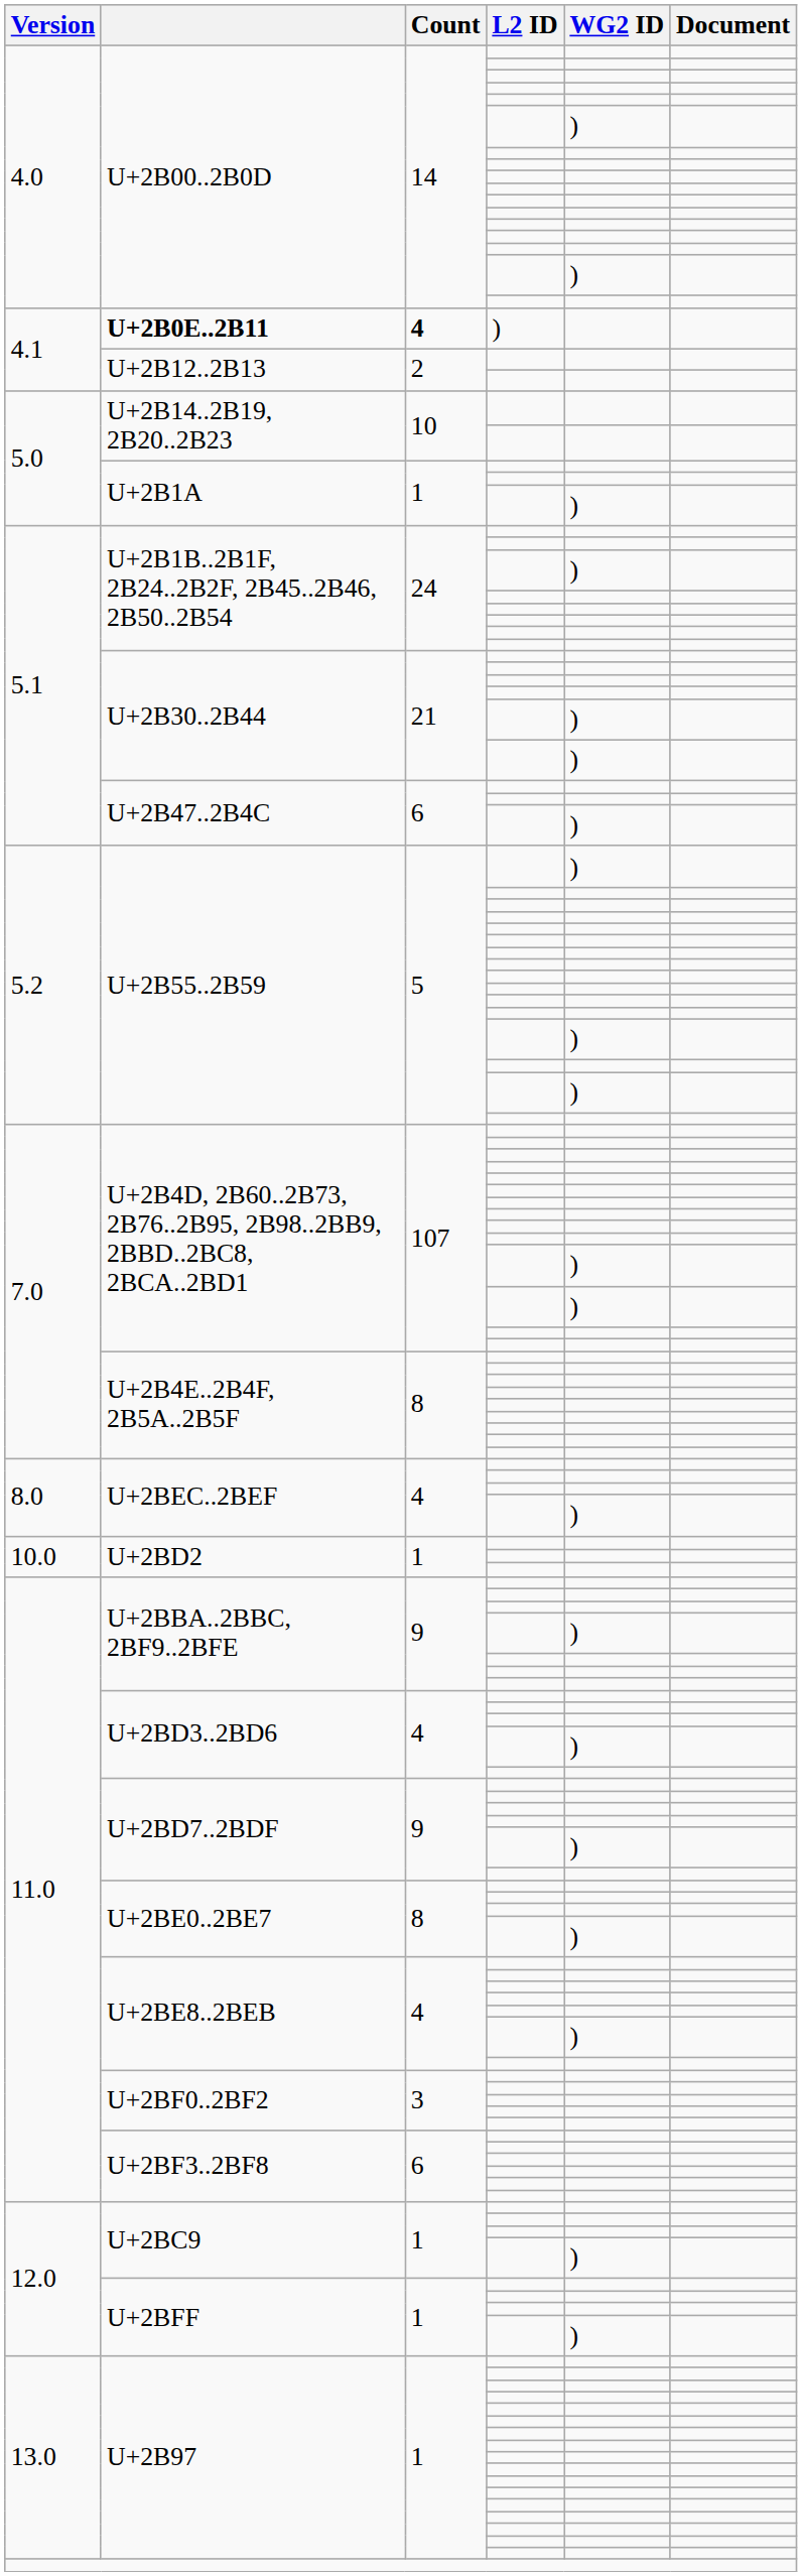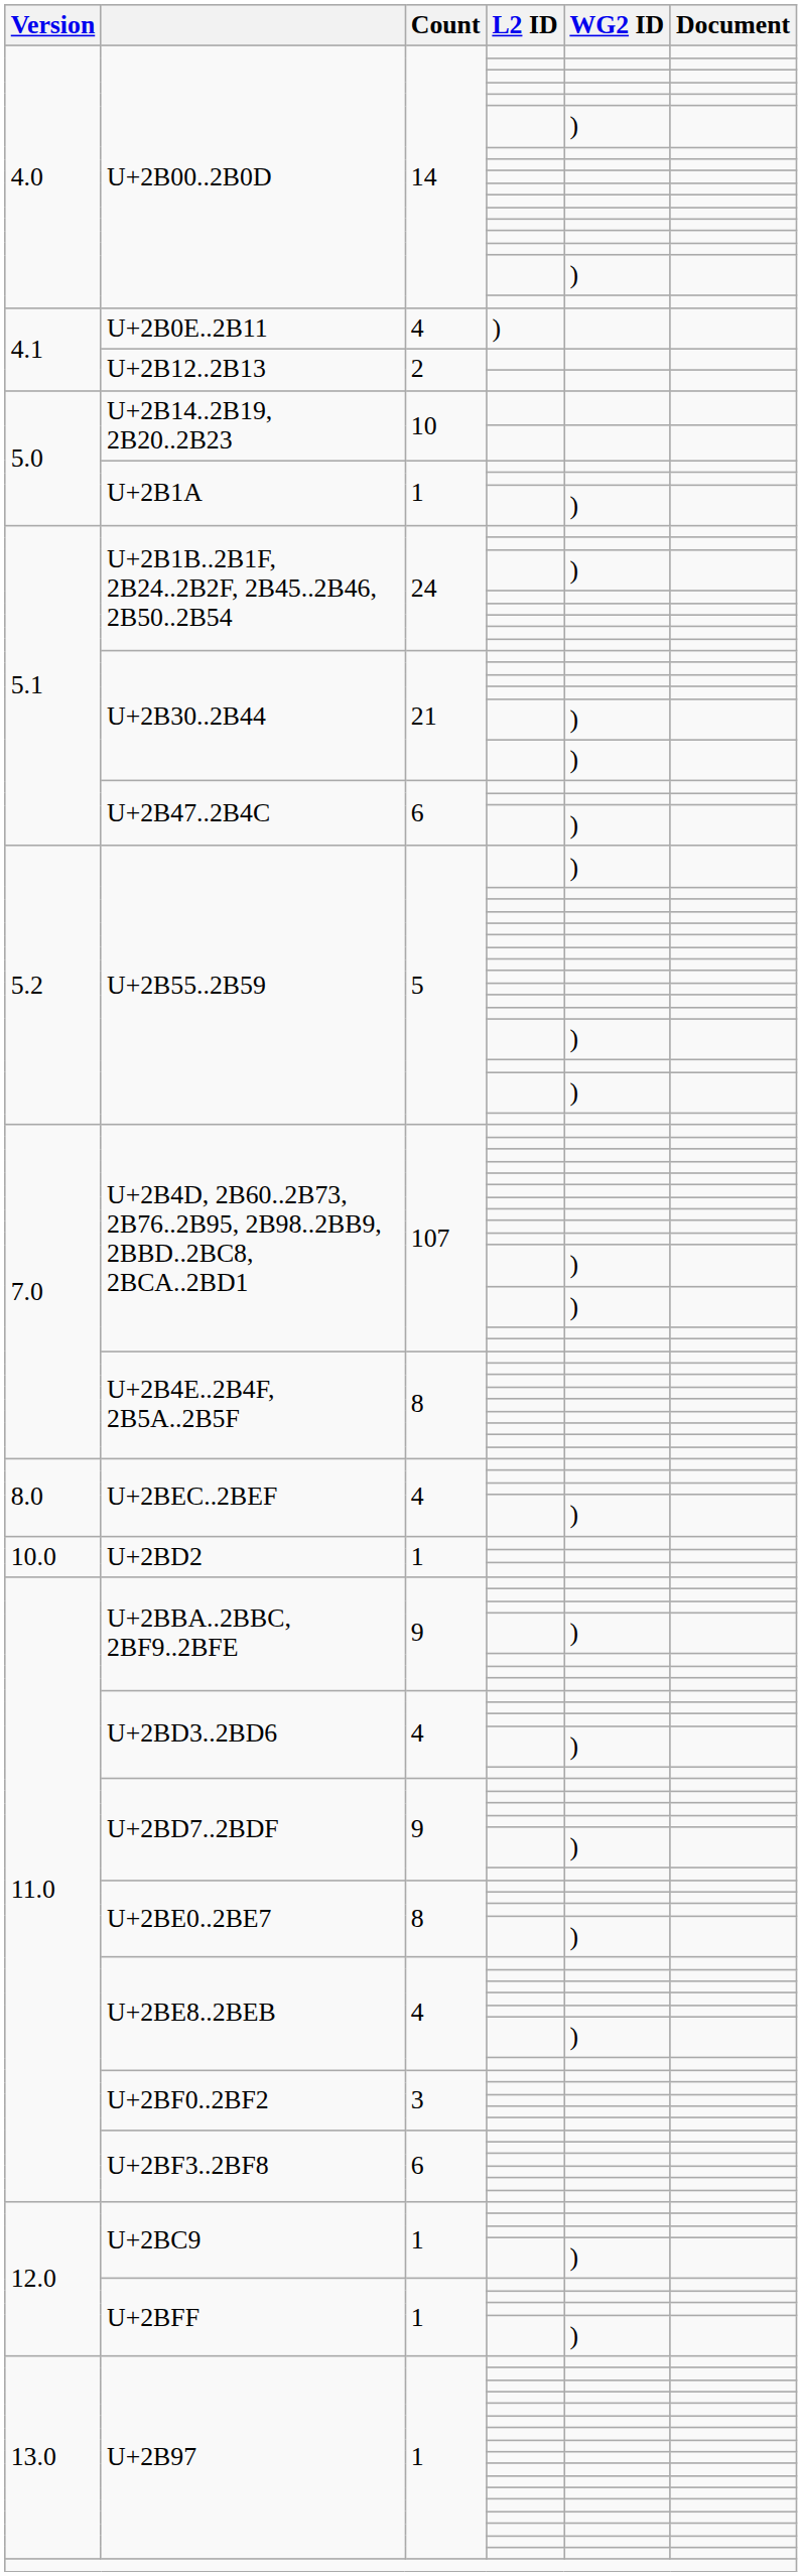 <table class="wikitable collapsible collapsed sticky-header">
 <tr>
 <th><a href='#'>Version</a></th>
 <th></th>
 <th>Count</th>
 <th><a href='#'>L2</a> ID</th>
 <th><a href='#'>WG2</a> ID</th>
 <th>Document</th>
 </tr>
 <tr>
 <td rowspan="17">4.0</td>
 <td rowspan="17" width="180">U+2B00..2B0D</td>
 <td rowspan="17">14</td>
 <td></td>
 <td></td>
 <td></td>
 </tr>
 <tr>
 <td></td>
 <td></td>
 <td></td>
 </tr>
 <tr>
 <td></td>
 <td></td>
 <td></td>
 </tr>
 <tr>
 <td></td>
 <td></td>
 <td></td>
 </tr>
 <tr>
 <td></td>
 <td></td>
 <td></td>
 </tr>
 <tr>
 <td></td>
 <td> )</td>
 <td></td>
 </tr>
 <tr>
 <td></td>
 <td></td>
 <td></td>
 </tr>
 <tr>
 <td></td>
 <td></td>
 <td></td>
 </tr>
 <tr>
 <td></td>
 <td></td>
 <td></td>
 </tr>
 <tr>
 <td></td>
 <td></td>
 <td></td>
 </tr>
 <tr>
 <td></td>
 <td></td>
 <td></td>
 </tr>
 <tr>
 <td></td>
 <td></td>
 <td></td>
 </tr>
 <tr>
 <td></td>
 <td></td>
 <td></td>
 </tr>
 <tr>
 <td></td>
 <td></td>
 <td></td>
 </tr>
 <tr>
 <td></td>
 <td></td>
 <td></td>
 </tr>
 <tr>
 <td></td>
 <td> )</td>
 <td></td>
 </tr>
 <tr>
 <td></td>
 <td></td>
 <td></td>
 </tr>
 <tr>
 <td rowspan="3">4.1</td>
-<td><strong>U+2B0E..2B11</strong></td>
-<td><strong>4</strong></td>
+<td>U+2B0E..2B11</td>
+<td>4</td>
 <td> )</td>
 <td></td>
 <td></td>
 </tr>
 <tr>
 <td rowspan="2">U+2B12..2B13</td>
 <td rowspan="2">2</td>
 <td></td>
 <td></td>
 <td></td>
 </tr>
 <tr>
 <td></td>
 <td></td>
 <td></td>
 </tr>
 <tr>
 <td rowspan="5">5.0</td>
 <td rowspan="2">U+2B14..2B19, 2B20..2B23</td>
 <td rowspan="2">10</td>
 <td></td>
 <td></td>
 <td></td>
 </tr>
 <tr>
 <td></td>
 <td></td>
 <td></td>
 </tr>
 <tr>
 <td rowspan="3">U+2B1A</td>
 <td rowspan="3">1</td>
 <td></td>
 <td></td>
 <td></td>
 </tr>
 <tr>
 <td></td>
 <td></td>
 <td></td>
 </tr>
 <tr>
 <td></td>
 <td> )</td>
 <td></td>
 </tr>
 <tr>
 <td rowspan="17">5.1</td>
 <td rowspan="8">U+2B1B..2B1F, 2B24..2B2F, 2B45..2B46, 2B50..2B54</td>
 <td rowspan="8">24</td>
 <td></td>
 <td></td>
 <td></td>
 </tr>
 <tr>
 <td></td>
 <td></td>
 <td></td>
 </tr>
 <tr>
 <td></td>
 <td> )</td>
 <td></td>
 </tr>
 <tr>
 <td></td>
 <td></td>
 <td></td>
 </tr>
 <tr>
 <td></td>
 <td></td>
 <td></td>
 </tr>
 <tr>
 <td></td>
 <td></td>
 <td></td>
 </tr>
 <tr>
 <td></td>
 <td></td>
 <td></td>
 </tr>
 <tr>
 <td></td>
 <td></td>
 <td></td>
 </tr>
 <tr>
 <td rowspan="6">U+2B30..2B44</td>
 <td rowspan="6">21</td>
 <td></td>
 <td></td>
 <td></td>
 </tr>
 <tr>
 <td></td>
 <td></td>
 <td></td>
 </tr>
 <tr>
 <td></td>
 <td> </td>
 <td></td>
 </tr>
 <tr>
 <td></td>
 <td></td>
 <td></td>
 </tr>
 <tr>
 <td></td>
 <td> )</td>
 <td></td>
 </tr>
 <tr>
 <td></td>
 <td> )</td>
 <td></td>
 </tr>
 <tr>
 <td rowspan="3">U+2B47..2B4C</td>
 <td rowspan="3">6</td>
 <td></td>
 <td></td>
 <td></td>
 </tr>
 <tr>
 <td></td>
 <td></td>
 <td></td>
 </tr>
 <tr>
 <td></td>
 <td> )</td>
 <td></td>
 </tr>
 <tr>
 <td rowspan="16">5.2</td>
 <td rowspan="16">U+2B55..2B59</td>
 <td rowspan="16">5</td>
 <td></td>
 <td> )</td>
 <td></td>
 </tr>
 <tr>
 <td></td>
 <td></td>
 <td></td>
 </tr>
 <tr>
 <td></td>
 <td></td>
 <td></td>
 </tr>
 <tr>
 <td></td>
 <td></td>
 <td></td>
 </tr>
 <tr>
 <td></td>
 <td></td>
 <td></td>
 </tr>
 <tr>
 <td></td>
 <td></td>
 <td></td>
 </tr>
 <tr>
 <td></td>
 <td></td>
 <td></td>
 </tr>
 <tr>
 <td></td>
 <td></td>
 <td></td>
 </tr>
 <tr>
 <td></td>
 <td></td>
 <td></td>
 </tr>
 <tr>
 <td></td>
 <td></td>
 <td></td>
 </tr>
 <tr>
 <td></td>
 <td></td>
 <td></td>
 </tr>
 <tr>
 <td></td>
 <td></td>
 <td></td>
 </tr>
 <tr>
 <td></td>
 <td> )</td>
 <td></td>
 </tr>
 <tr>
 <td></td>
 <td></td>
 <td></td>
 </tr>
 <tr>
 <td></td>
 <td> )</td>
 <td></td>
 </tr>
 <tr>
 <td></td>
 <td></td>
 <td></td>
 </tr>
 <tr>
 <td rowspan="23">7.0</td>
 <td rowspan="14">U+2B4D, 2B60..2B73, 2B76..2B95, 2B98..2BB9, 2BBD..2BC8, 2BCA..2BD1</td>
 <td rowspan="14">107</td>
 <td></td>
 <td></td>
 <td></td>
 </tr>
 <tr>
 <td></td>
 <td></td>
 <td></td>
 </tr>
 <tr>
 <td></td>
 <td></td>
 <td></td>
 </tr>
 <tr>
 <td></td>
 <td></td>
 <td></td>
 </tr>
 <tr>
 <td></td>
 <td></td>
 <td></td>
 </tr>
 <tr>
 <td></td>
 <td></td>
 <td></td>
 </tr>
 <tr>
 <td></td>
 <td></td>
 <td></td>
 </tr>
 <tr>
 <td></td>
 <td></td>
 <td></td>
 </tr>
 <tr>
 <td></td>
 <td></td>
 <td></td>
 </tr>
 <tr>
 <td></td>
 <td></td>
 <td></td>
 </tr>
 <tr>
 <td></td>
 <td> )</td>
 <td></td>
 </tr>
 <tr>
 <td></td>
 <td> )</td>
 <td></td>
 </tr>
 <tr>
 <td></td>
 <td></td>
 <td></td>
 </tr>
 <tr>
 <td></td>
 <td></td>
 <td></td>
 </tr>
 <tr>
 <td rowspan="9">U+2B4E..2B4F, 2B5A..2B5F</td>
 <td rowspan="9">8</td>
 <td></td>
 <td></td>
 <td></td>
 </tr>
 <tr>
 <td></td>
 <td></td>
 <td></td>
 </tr>
 <tr>
 <td></td>
 <td></td>
 <td></td>
 </tr>
 <tr>
 <td></td>
 <td></td>
 <td></td>
 </tr>
 <tr>
 <td></td>
 <td></td>
 <td></td>
 </tr>
 <tr>
 <td></td>
 <td></td>
 <td></td>
 </tr>
 <tr>
 <td></td>
 <td></td>
 <td></td>
 </tr>
 <tr>
 <td></td>
 <td></td>
 <td></td>
 </tr>
 <tr>
 <td></td>
 <td></td>
 <td></td>
 </tr>
 <tr>
 <td rowspan="4">8.0</td>
 <td rowspan="4">U+2BEC..2BEF</td>
 <td rowspan="4">4</td>
 <td></td>
 <td></td>
 <td></td>
 </tr>
 <tr>
 <td></td>
 <td></td>
 <td></td>
 </tr>
 <tr>
 <td></td>
 <td></td>
 <td></td>
 </tr>
 <tr>
 <td></td>
 <td> )</td>
 <td></td>
 </tr>
 <tr>
 <td rowspan="3">10.0</td>
 <td rowspan="3">U+2BD2</td>
 <td rowspan="3">1</td>
 <td></td>
 <td></td>
 <td></td>
 </tr>
 <tr>
 <td></td>
 <td></td>
 <td></td>
 </tr>
 <tr>
 <td></td>
 <td></td>
 <td></td>
 </tr>
 <tr>
 <td rowspan="40">11.0</td>
 <td rowspan="7">U+2BBA..2BBC, 2BF9..2BFE</td>
 <td rowspan="7">9</td>
 <td></td>
 <td></td>
 <td></td>
 </tr>
 <tr>
 <td></td>
 <td></td>
 <td></td>
 </tr>
 <tr>
 <td></td>
 <td></td>
 <td></td>
 </tr>
 <tr>
 <td></td>
 <td> )</td>
 <td></td>
 </tr>
 <tr>
 <td></td>
 <td></td>
 <td></td>
 </tr>
 <tr>
 <td></td>
 <td></td>
 <td></td>
 </tr>
 <tr>
 <td></td>
 <td></td>
 <td></td>
 </tr>
 <tr>
 <td rowspan="5">U+2BD3..2BD6</td>
 <td rowspan="5">4</td>
 <td></td>
 <td></td>
 <td></td>
 </tr>
 <tr>
 <td></td>
 <td></td>
 <td></td>
 </tr>
 <tr>
 <td></td>
 <td></td>
 <td></td>
 </tr>
 <tr>
 <td></td>
 <td> )</td>
 <td></td>
 </tr>
 <tr>
 <td></td>
 <td></td>
 <td></td>
 </tr>
 <tr>
 <td rowspan="6">U+2BD7..2BDF</td>
 <td rowspan="6">9</td>
 <td></td>
 <td></td>
 <td></td>
 </tr>
 <tr>
 <td></td>
 <td></td>
 <td></td>
 </tr>
 <tr>
 <td></td>
 <td></td>
 <td></td>
 </tr>
 <tr>
 <td></td>
 <td></td>
 <td></td>
 </tr>
 <tr>
 <td></td>
 <td> )</td>
 <td></td>
 </tr>
 <tr>
 <td></td>
 <td></td>
 <td></td>
 </tr>
 <tr>
 <td rowspan="4">U+2BE0..2BE7</td>
 <td rowspan="4">8</td>
 <td></td>
 <td></td>
 <td></td>
 </tr>
 <tr>
 <td></td>
 <td></td>
 <td></td>
 </tr>
 <tr>
 <td></td>
 <td></td>
 <td></td>
 </tr>
 <tr>
 <td></td>
 <td> )</td>
 <td></td>
 </tr>
 <tr>
 <td rowspan="7">U+2BE8..2BEB</td>
 <td rowspan="7">4</td>
 <td></td>
 <td></td>
 <td></td>
 </tr>
 <tr>
 <td></td>
 <td></td>
 <td></td>
 </tr>
 <tr>
 <td></td>
 <td></td>
 <td></td>
 </tr>
 <tr>
 <td></td>
 <td></td>
 <td></td>
 </tr>
 <tr>
 <td></td>
 <td></td>
 <td></td>
 </tr>
 <tr>
 <td></td>
 <td> )</td>
 <td></td>
 </tr>
 <tr>
 <td></td>
 <td></td>
 <td></td>
 </tr>
 <tr>
 <td rowspan="5">U+2BF0..2BF2</td>
 <td rowspan="5">3</td>
 <td></td>
 <td></td>
 <td></td>
 </tr>
 <tr>
 <td></td>
 <td></td>
 <td></td>
 </tr>
 <tr>
 <td></td>
 <td></td>
 <td></td>
 </tr>
 <tr>
 <td></td>
 <td></td>
 <td></td>
 </tr>
 <tr>
 <td></td>
 <td></td>
 <td></td>
 </tr>
 <tr>
 <td rowspan="6">U+2BF3..2BF8</td>
 <td rowspan="6">6</td>
 <td></td>
 <td></td>
 <td></td>
 </tr>
 <tr>
 <td></td>
 <td></td>
 <td></td>
 </tr>
 <tr>
 <td></td>
 <td></td>
 <td></td>
 </tr>
 <tr>
 <td></td>
 <td></td>
 <td></td>
 </tr>
 <tr>
 <td></td>
 <td></td>
 <td></td>
 </tr>
 <tr>
 <td></td>
 <td></td>
 <td></td>
 </tr>
 <tr>
 <td rowspan="8">12.0</td>
 <td rowspan="4">U+2BC9</td>
 <td rowspan="4">1</td>
 <td></td>
 <td></td>
 <td></td>
 </tr>
 <tr>
 <td></td>
 <td></td>
 <td></td>
 </tr>
 <tr>
 <td></td>
 <td></td>
 <td></td>
 </tr>
 <tr>
 <td></td>
 <td> )</td>
 <td></td>
 </tr>
 <tr>
 <td rowspan="4">U+2BFF</td>
 <td rowspan="4">1</td>
 <td></td>
 <td></td>
 <td></td>
 </tr>
 <tr>
 <td></td>
 <td></td>
 <td></td>
 </tr>
 <tr>
 <td></td>
 <td></td>
 <td></td>
 </tr>
 <tr>
 <td></td>
 <td> )</td>
 <td></td>
 </tr>
 <tr>
 <td rowspan="17">13.0</td>
 <td rowspan="17">U+2B97</td>
 <td rowspan="17">1</td>
 <td></td>
 <td></td>
 <td></td>
 </tr>
 <tr>
 <td></td>
 <td></td>
 <td></td>
 </tr>
 <tr>
 <td></td>
 <td></td>
 <td></td>
 </tr>
 <tr>
 <td></td>
 <td></td>
 <td></td>
 </tr>
 <tr>
 <td></td>
 <td></td>
 <td></td>
 </tr>
 <tr>
 <td></td>
 <td></td>
 <td></td>
 </tr>
 <tr>
 <td></td>
 <td></td>
 <td></td>
 </tr>
 <tr>
 <td></td>
 <td></td>
 <td></td>
 </tr>
 <tr>
 <td></td>
 <td></td>
 <td></td>
 </tr>
 <tr>
 <td></td>
 <td></td>
 <td></td>
 </tr>
 <tr>
 <td></td>
 <td></td>
 <td></td>
 </tr>
 <tr>
 <td></td>
 <td></td>
 <td></td>
 </tr>
 <tr>
 <td></td>
 <td></td>
 <td></td>
 </tr>
 <tr>
 <td></td>
 <td></td>
 <td></td>
 </tr>
 <tr>
 <td></td>
 <td></td>
 <td></td>
 </tr>
 <tr>
 <td></td>
 <td></td>
 <td></td>
 </tr>
 <tr>
 <td></td>
 <td></td>
 <td></td>
 </tr>
 <tr class="sortbottom">
 <td colspan="6"></td>
 </tr>
 </table>
